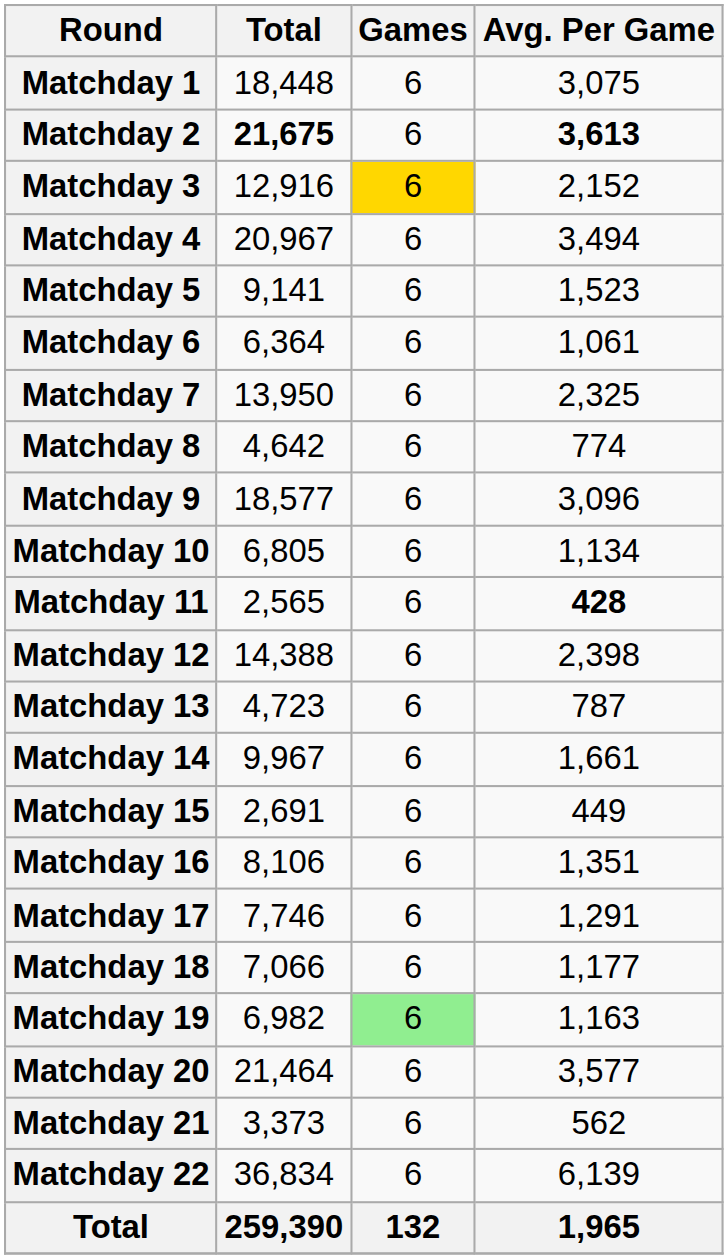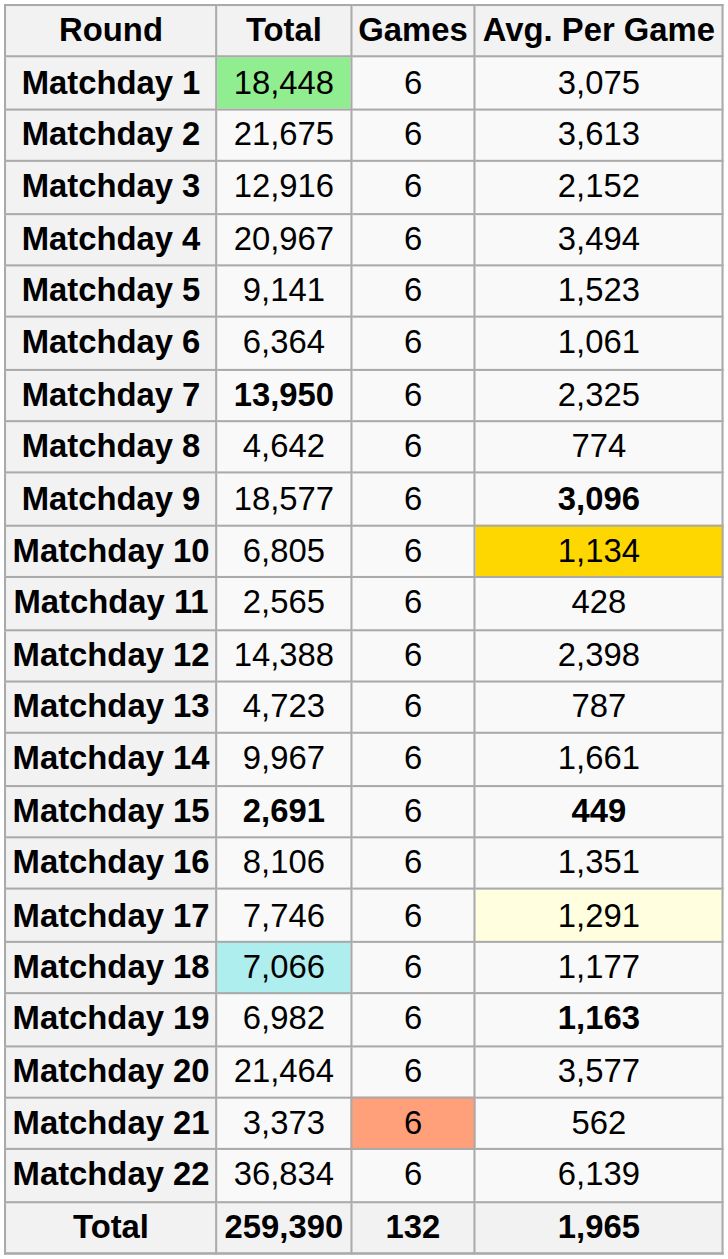 <table class="wikitable plainrowheaders sortable" style="text-align:center;">
 <tr>
 <th>Round</th>
 <th>Total</th>
 <th>Games</th>
 <th>Avg. Per Game</th>
 </tr>
 <tr>
 <th scope='row'>Matchday 1</th>
-<td>18,448</td>
+<td style="background: lightgreen;">18,448</td>
 <td>6</td>
 <td>3,075</td>
 </tr>
 <tr>
 <th scope='row'>Matchday 2</th>
-<td><strong>21,675</strong></td>
+<td>21,675</td>
 <td>6</td>
-<td><strong>3,613</strong></td>
+<td>3,613</td>
 </tr>
 <tr>
 <th scope='row'>Matchday 3</th>
 <td>12,916</td>
-<td style="background: gold;">6</td>
+<td>6</td>
 <td>2,152</td>
 </tr>
 <tr>
 <th scope='row'>Matchday 4</th>
 <td>20,967</td>
 <td>6</td>
 <td>3,494</td>
 </tr>
 <tr>
 <th scope='row'>Matchday 5</th>
 <td>9,141</td>
 <td>6</td>
 <td>1,523</td>
 </tr>
 <tr>
 <th scope='row'>Matchday 6</th>
 <td>6,364</td>
 <td>6</td>
 <td>1,061</td>
 </tr>
 <tr>
 <th scope='row'>Matchday 7</th>
-<td>13,950</td>
+<td><strong>13,950</strong></td>
 <td>6</td>
 <td>2,325</td>
 </tr>
 <tr>
 <th scope='row'>Matchday 8</th>
 <td>4,642</td>
 <td>6</td>
 <td>774</td>
 </tr>
 <tr>
 <th scope='row'>Matchday 9</th>
 <td>18,577</td>
 <td>6</td>
-<td>3,096</td>
+<td><strong>3,096</strong></td>
 </tr>
 <tr>
 <th scope='row'>Matchday 10</th>
 <td>6,805</td>
 <td>6</td>
-<td>1,134</td>
+<td style="background: gold;">1,134</td>
 </tr>
 <tr>
 <th scope='row'>Matchday 11</th>
 <td>2,565</td>
 <td>6</td>
-<td><strong>428</strong></td>
+<td>428</td>
 </tr>
 <tr>
 <th scope='row'>Matchday 12</th>
 <td>14,388</td>
 <td>6</td>
 <td>2,398</td>
 </tr>
 <tr>
 <th scope='row'>Matchday 13</th>
 <td>4,723</td>
 <td>6</td>
 <td>787</td>
 </tr>
 <tr>
 <th scope='row'>Matchday 14</th>
 <td>9,967</td>
 <td>6</td>
 <td>1,661</td>
 </tr>
 <tr>
 <th scope='row'>Matchday 15</th>
-<td>2,691</td>
+<td><strong>2,691</strong></td>
 <td>6</td>
-<td>449</td>
+<td><strong>449</strong></td>
 </tr>
 <tr>
 <th scope='row'>Matchday 16</th>
 <td>8,106</td>
 <td>6</td>
 <td>1,351</td>
 </tr>
 <tr>
 <th scope='row'>Matchday 17</th>
 <td>7,746</td>
 <td>6</td>
-<td>1,291</td>
+<td style="background: lightyellow;">1,291</td>
 </tr>
 <tr>
 <th scope='row'>Matchday 18</th>
-<td>7,066</td>
+<td style="background: paleturquoise;">7,066</td>
 <td>6</td>
 <td>1,177</td>
 </tr>
 <tr>
 <th scope='row'>Matchday 19</th>
 <td>6,982</td>
-<td style="background: lightgreen;">6</td>
-<td>1,163</td>
+<td>6</td>
+<td><strong>1,163</strong></td>
 </tr>
 <tr>
 <th scope='row'>Matchday 20</th>
 <td>21,464</td>
 <td>6</td>
 <td>3,577</td>
 </tr>
 <tr>
 <th scope='row'>Matchday 21</th>
 <td>3,373</td>
-<td>6</td>
+<td style="background: lightsalmon;">6</td>
 <td>562</td>
 </tr>
 <tr>
 <th scope='row'>Matchday 22</th>
 <td>36,834</td>
 <td>6</td>
 <td>6,139</td>
 </tr>
 <tr>
 <th scope='row'><strong>Total</strong></th>
 <th><strong>259,390</strong></th>
 <th><strong>132</strong></th>
 <th><strong>1,965</strong></th>
 </tr>
 <tr>
 </tr>
 </table>
